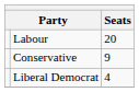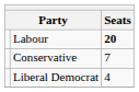 <table class="wikitable">
 <tr>
 <th colspan="3"></th>
 </tr>
 <tr>
 <th colspan="2">Party</th>
 <th>Seats</th>
 </tr>
 <tr>
 <td style="color:inherit;background:"></td>
 <td>Labour</td>
-<td>20</td>
+<td><strong>20</strong></td>
 </tr>
 <tr>
 <td style="color:inherit;background:"></td>
 <td>Conservative</td>
-<td>9</td>
+<td>7</td>
 </tr>
 <tr>
 <td style="color:inherit;background:"></td>
 <td>Liberal Democrat</td>
 <td>4</td>
 </tr>
 <tr>
 </tr>
 </table>
